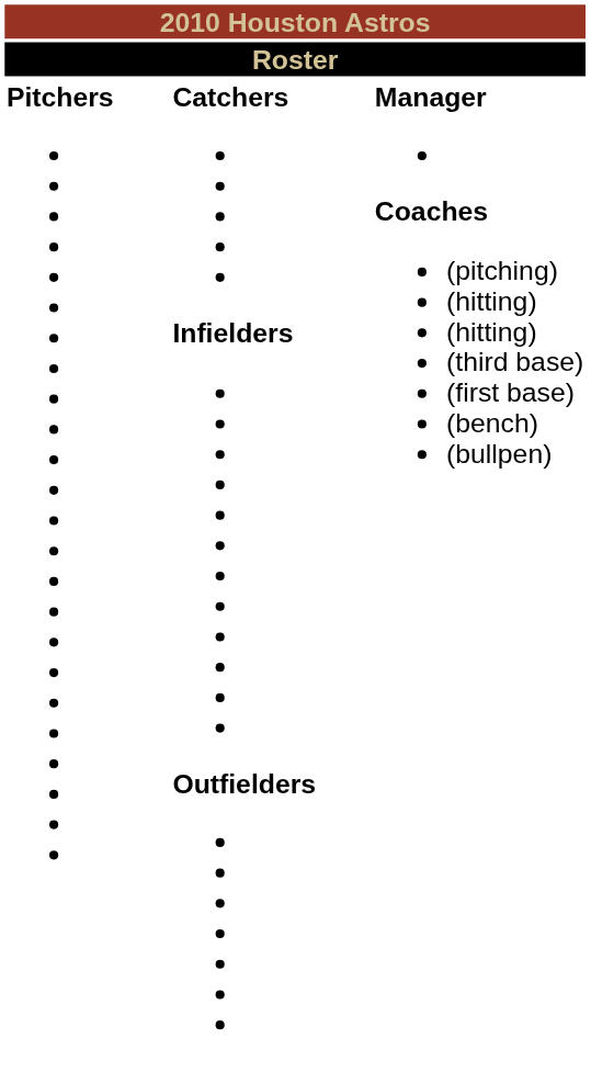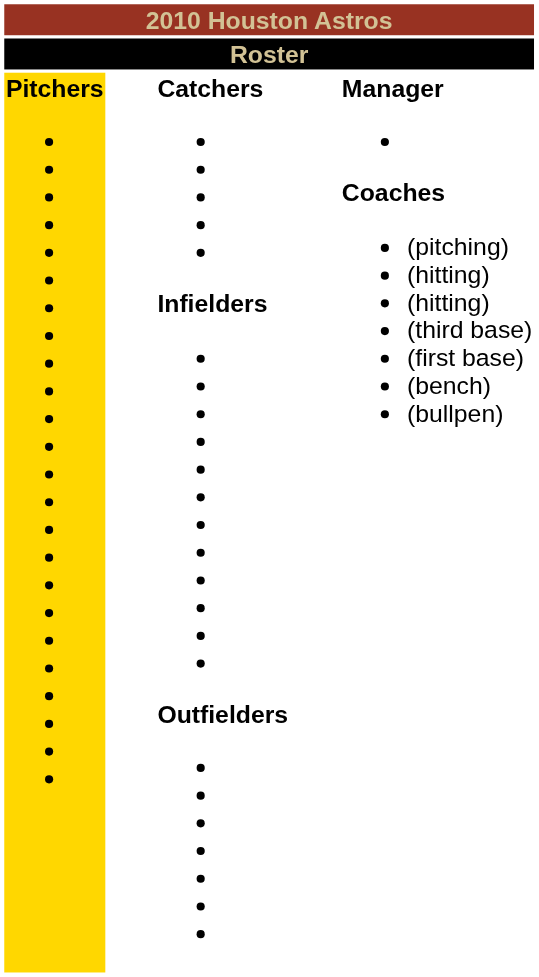 <table class="toccolours" style="font-size: 95%;">
 <tr>
 <th colspan="10" style="background-color: #983222; color: #D2C295;text-align: center;">2010 Houston Astros</th>
 </tr>
 <tr>
 <td colspan="10" style="background-color:black; color: #D2C295; text-align: center;"><strong>Roster</strong></td>
 </tr>
 <tr>
-<td valign="top"><strong>Pitchers</strong><br><ul><li></li><li></li><li></li><li></li><li></li><li></li><li></li><li></li><li></li><li></li><li></li><li></li><li></li><li></li><li></li><li></li><li></li><li></li><li></li><li></li><li></li><li></li><li></li><li></li></ul></td>
+<td valign="top" style="background: gold;"><strong>Pitchers</strong><br><ul><li></li><li></li><li></li><li></li><li></li><li></li><li></li><li></li><li></li><li></li><li></li><li></li><li></li><li></li><li></li><li></li><li></li><li></li><li></li><li></li><li></li><li></li><li></li><li></li></ul></td>
 <td width="25px"></td>
 <td valign="top"><strong>Catchers</strong><br><ul><li></li><li></li><li></li><li></li><li></li></ul><strong>Infielders</strong><ul><li></li><li></li><li></li><li></li><li></li><li></li><li></li><li></li><li></li><li></li><li></li><li></li></ul><strong>Outfielders</strong><ul><li></li><li></li><li></li><li></li><li></li><li></li><li></li></ul></td>
 <td width="25px"></td>
 <td valign="top"><strong>Manager</strong><br><ul><li></li></ul><strong>Coaches</strong><ul><li> (pitching)</li><li> (hitting)</li><li> (hitting)</li><li> (third base)</li><li> (first base)</li><li> (bench)</li><li>(bullpen)</li></ul></td>
 </tr>
 </table>
